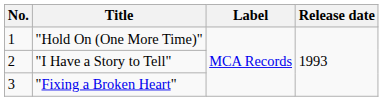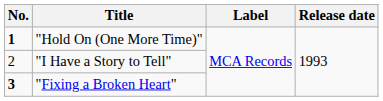 <table class=wikitable>
 <tr>
 <th>No.</th>
 <th>Title</th>
 <th>Label</th>
 <th>Release date</th>
 </tr>
 <tr>
-<td>1</td>
+<td><strong>1</strong></td>
 <td>"Hold On (One More Time)"</td>
 <td rowspan="3"><a href='#'>MCA Records</a></td>
 <td rowspan="3">1993</td>
 </tr>
 <tr>
 <td>2</td>
 <td>"I Have a Story to Tell"</td>
 </tr>
 <tr>
-<td>3</td>
+<td><strong>3</strong></td>
 <td>"<a href='#'>Fixing a Broken Heart</a>"</td>
 </tr>
 </table>
